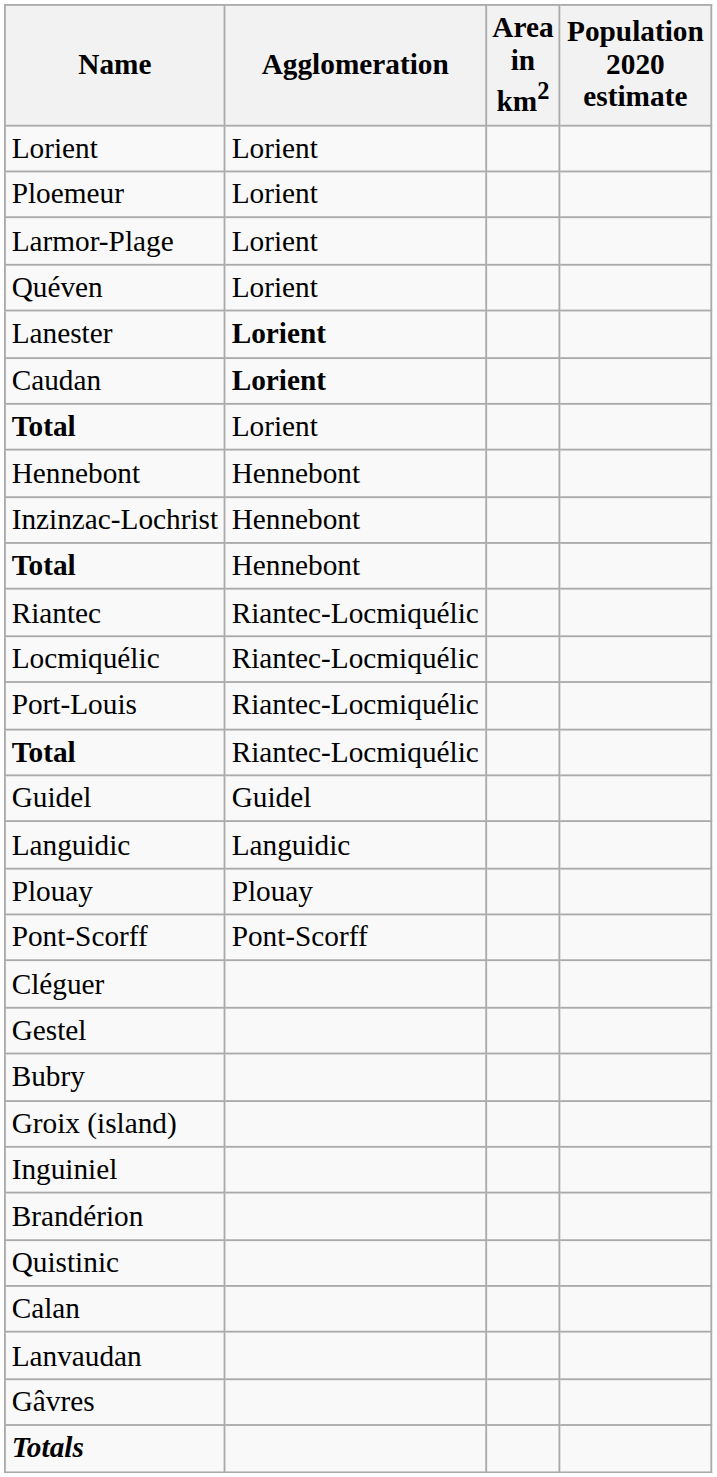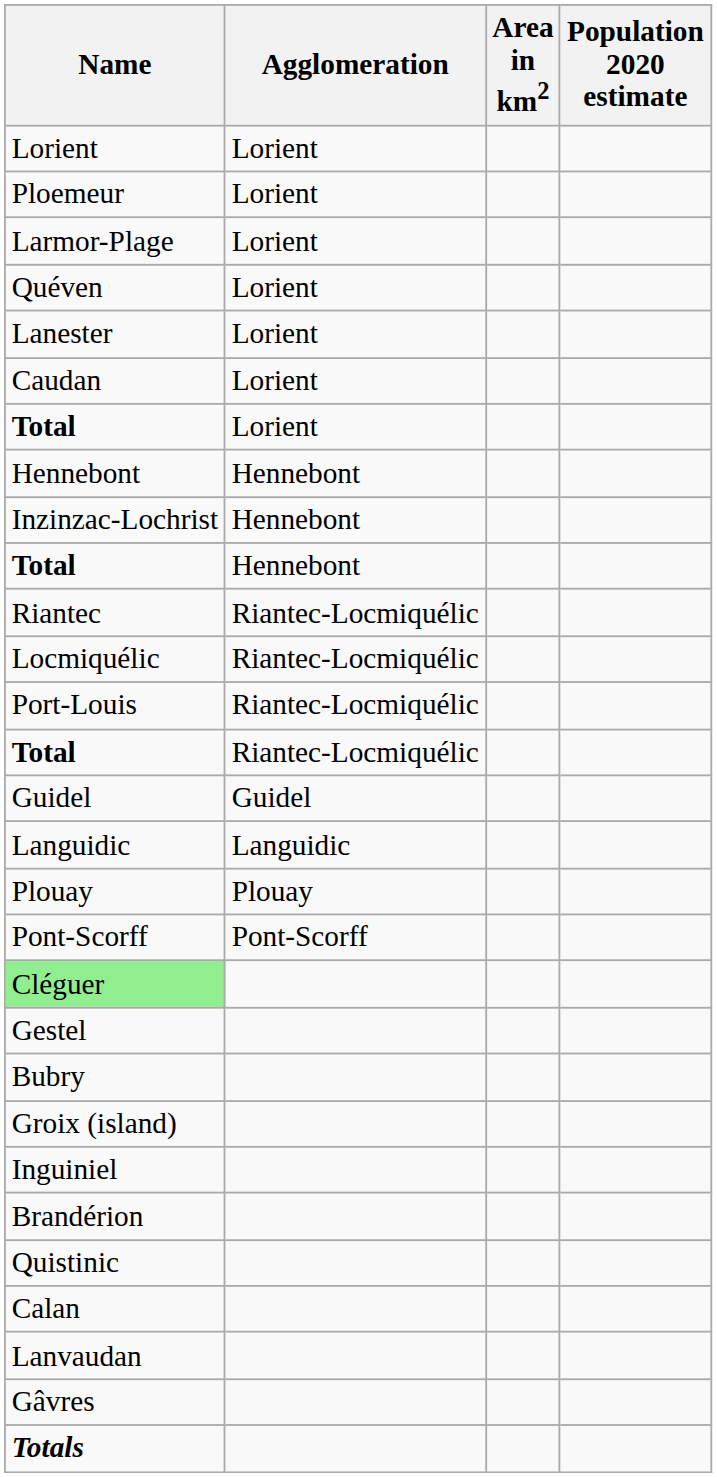 <table class="wikitable sortable" style="margin-bottom: 0;">
 <tr>
 <th>Name</th>
 <th>Agglomeration</th>
 <th>Area<br> in <br> km<sup>2</sup></th>
 <th>Population <br>2020 <br>estimate</th>
 </tr>
 <tr>
 <td>Lorient</td>
 <td>Lorient</td>
 <td align="right"></td>
 <td align="right"></td>
 </tr>
 <tr>
 <td>Ploemeur</td>
 <td>Lorient</td>
 <td align="right"></td>
 <td align="right"></td>
 </tr>
 <tr>
 <td>Larmor-Plage</td>
 <td>Lorient</td>
 <td align="right"></td>
 <td align="right"></td>
 </tr>
 <tr>
 <td>Quéven</td>
 <td>Lorient</td>
 <td align="right"></td>
 <td align="right"></td>
 </tr>
 <tr>
 <td>Lanester</td>
-<td><strong>Lorient</strong></td>
+<td>Lorient</td>
 <td align="right"></td>
 <td align="right"></td>
 </tr>
 <tr>
 <td>Caudan</td>
-<td><strong>Lorient</strong></td>
+<td>Lorient</td>
 <td align="right"></td>
 <td align="right"></td>
 </tr>
 <tr>
 <td><strong>Total</strong></td>
 <td>Lorient</td>
 <td align="right"></td>
 <td align="right"></td>
 </tr>
 <tr>
 <td>Hennebont</td>
 <td>Hennebont</td>
 <td align="right"></td>
 <td align="right"></td>
 </tr>
 <tr>
 <td>Inzinzac-Lochrist</td>
 <td>Hennebont</td>
 <td align="right"></td>
 <td align="right"></td>
 </tr>
 <tr>
 <td><strong>Total</strong></td>
 <td>Hennebont</td>
 <td align="right"></td>
 <td align="right"></td>
 </tr>
 <tr>
 <td>Riantec</td>
 <td>Riantec-Locmiquélic</td>
 <td align="right"></td>
 <td align="right"></td>
 </tr>
 <tr>
 <td>Locmiquélic</td>
 <td>Riantec-Locmiquélic</td>
 <td align="right"></td>
 <td align="right"></td>
 </tr>
 <tr>
 <td>Port-Louis</td>
 <td>Riantec-Locmiquélic</td>
 <td align="right"></td>
 <td align="right"></td>
 </tr>
 <tr>
 <td><strong>Total</strong></td>
 <td>Riantec-Locmiquélic</td>
 <td align="right"></td>
 <td align="right"></td>
 </tr>
 <tr>
 <td>Guidel</td>
 <td>Guidel</td>
 <td align="right"></td>
 <td align="right"></td>
 </tr>
 <tr>
 <td>Languidic</td>
 <td>Languidic</td>
 <td align="right"></td>
 <td align="right"></td>
 </tr>
 <tr>
 <td>Plouay</td>
 <td>Plouay</td>
 <td align="right"></td>
 <td align="right"></td>
 </tr>
 <tr>
 <td>Pont-Scorff</td>
 <td>Pont-Scorff</td>
 <td align="right"></td>
 <td align="right"></td>
 </tr>
 <tr>
-<td>Cléguer</td>
+<td style="background: lightgreen;">Cléguer</td>
 <td></td>
 <td align="right"></td>
 <td align="right"></td>
 </tr>
 <tr>
 <td>Gestel</td>
 <td></td>
 <td align="right"></td>
 <td align="right"></td>
 </tr>
 <tr>
 <td>Bubry</td>
 <td></td>
 <td align="right"></td>
 <td align="right"></td>
 </tr>
 <tr>
 <td>Groix (island)</td>
 <td></td>
 <td align="right"></td>
 <td align="right"></td>
 </tr>
 <tr>
 <td>Inguiniel</td>
 <td></td>
 <td align="right"></td>
 <td align="right"></td>
 </tr>
 <tr>
 <td>Brandérion</td>
 <td></td>
 <td align="right"></td>
 <td align="right"></td>
 </tr>
 <tr>
 <td>Quistinic</td>
 <td></td>
 <td align="right"></td>
 <td align="right"></td>
 </tr>
 <tr>
 <td>Calan</td>
 <td></td>
 <td align="right"></td>
 <td align="right"></td>
 </tr>
 <tr>
 <td>Lanvaudan</td>
 <td></td>
 <td align="right"></td>
 <td align="right"></td>
 </tr>
 <tr>
 <td>Gâvres</td>
 <td></td>
 <td align="right"></td>
 <td align="right"></td>
 </tr>
 <tr>
 <td><strong><em>Totals</em></strong></td>
 <td></td>
 <td align="right"></td>
 <td align="right"></td>
 </tr>
 <tr>
 </tr>
 </table>
